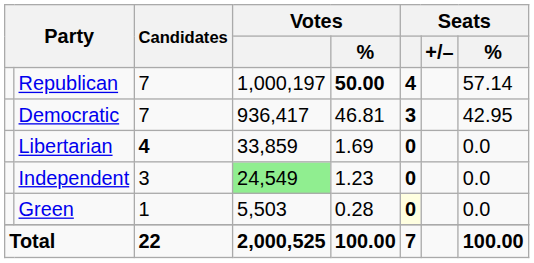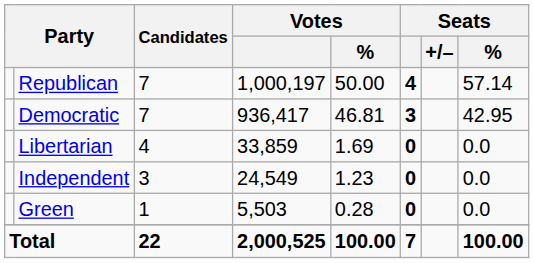 <table class="wikitable" style="font-size: 95%;">
 <tr>
 <th colspan="2" rowspan="2">Party</th>
 <th rowspan="2"><small>Candi</small><small>dates</small></th>
 <th colspan="2">Votes</th>
 <th colspan="3">Seats</th>
 </tr>
 <tr>
 <th></th>
 <th>%</th>
 <th></th>
 <th>+/–</th>
 <th>%</th>
 </tr>
 <tr>
 <td style="background:"></td>
 <td align="left"><a href='#'>Republican</a></td>
 <td>7</td>
 <td>1,000,197</td>
-<td><strong>50.00</strong></td>
+<td>50.00</td>
 <td><strong>4</strong></td>
 <td></td>
 <td>57.14</td>
 </tr>
 <tr>
 <td style="background:"></td>
 <td align="left"><a href='#'>Democratic</a></td>
 <td>7</td>
 <td>936,417</td>
 <td>46.81</td>
 <td><strong>3</strong></td>
 <td></td>
 <td>42.95</td>
 </tr>
 <tr>
 <td style="background:"></td>
 <td align="left"><a href='#'>Libertarian</a></td>
-<td><strong>4</strong></td>
+<td>4</td>
 <td>33,859</td>
 <td>1.69</td>
 <td><strong>0</strong></td>
 <td></td>
 <td>0.0</td>
 </tr>
 <tr>
 <td style="background:"></td>
 <td align="left"><a href='#'>Independent</a></td>
 <td>3</td>
-<td style="background: lightgreen;">24,549</td>
+<td>24,549</td>
 <td>1.23</td>
 <td><strong>0</strong></td>
 <td></td>
 <td>0.0</td>
 </tr>
 <tr>
 <td style="background:"></td>
 <td align="left"><a href='#'>Green</a></td>
 <td>1</td>
 <td>5,503</td>
 <td>0.28</td>
-<td style="background: lightyellow;"><strong>0</strong></td>
+<td><strong>0</strong></td>
 <td></td>
 <td>0.0</td>
 </tr>
 <tr>
 </tr>
 <tr style="font-weight:bold">
 <td colspan="2" align="left">Total</td>
 <td>22</td>
 <td>2,000,525</td>
 <td>100.00</td>
 <td>7</td>
 <td></td>
 <td>100.00</td>
 </tr>
 </table>
